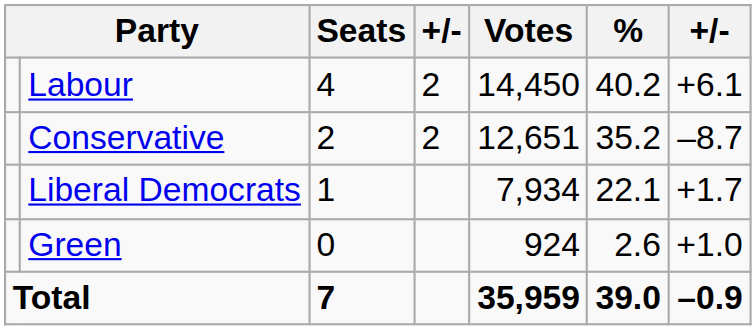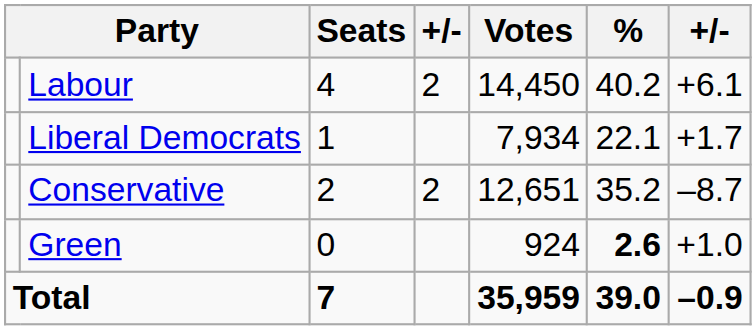 <table class="wikitable sortable">
 <tr>
 <th colspan="2">Party</th>
 <th>Seats</th>
 <th>+/-</th>
 <th>Votes</th>
 <th>%</th>
 <th>+/-</th>
 </tr>
 <tr>
 <td style="background-color: "></td>
 <td><a href='#'>Labour</a></td>
 <td>4</td>
 <td> 2</td>
 <td style="text-align:right;">14,450</td>
 <td style="text-align:right;">40.2</td>
 <td style="text-align:right;">+6.1</td>
 </tr>
 <tr>
 <td style="background-color: "></td>
+<td><a href='#'>Liberal Democrats</a></td>
+<td>1</td>
+<td></td>
+<td style="text-align:right;">7,934</td>
+<td style="text-align:right;">22.1</td>
+<td style="text-align:right;">+1.7</td>
+</tr>
+<tr>
+<td style="background-color: "></td>
 <td><a href='#'>Conservative</a></td>
 <td>2</td>
 <td> 2</td>
 <td style="text-align:right;">12,651</td>
 <td style="text-align:right;">35.2</td>
 <td style="text-align:right;">–8.7</td>
 </tr>
 <tr>
 <td style="background-color: "></td>
-<td><a href='#'>Liberal Democrats</a></td>
-<td>1</td>
-<td></td>
-<td style="text-align:right;">7,934</td>
-<td style="text-align:right;">22.1</td>
-<td style="text-align:right;">+1.7</td>
-</tr>
-<tr>
-<td style="background-color: "></td>
 <td><a href='#'>Green</a></td>
 <td>0</td>
 <td></td>
 <td style="text-align:right;">924</td>
-<td style="text-align:right;">2.6</td>
+<td style="text-align:right;"><strong>2.6</strong></td>
 <td style="text-align:right;">+1.0</td>
 </tr>
 <tr>
 <td colspan="2"><strong>Total</strong></td>
 <td><strong>7</strong></td>
 <td></td>
 <td style="text-align:right;"><strong>35,959</strong></td>
 <td style="text-align:right;"><strong>39.0</strong></td>
 <td style="text-align:right;"><strong>–0.9</strong></td>
 </tr>
 </table>
